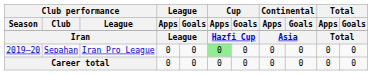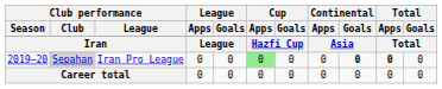 <table class="wikitable" style="text-align:center">
 <tr>
 <th colspan=3>Club performance</th>
 <th colspan=2>League</th>
 <th colspan=2>Cup</th>
 <th colspan=2>Continental</th>
 <th colspan=2>Total</th>
 </tr>
 <tr>
 <th>Season</th>
 <th>Club</th>
 <th>League</th>
 <th>Apps</th>
 <th>Goals</th>
 <th>Apps</th>
 <th>Goals</th>
 <th>Apps</th>
 <th>Goals</th>
 <th>Apps</th>
 <th>Goals</th>
 </tr>
 <tr>
 </tr>
 <tr>
 <th colspan=3>Iran</th>
 <th colspan=2>League</th>
 <th colspan=2><a href='#'>Hazfi Cup</a></th>
 <th colspan=2><a href='#'>Asia</a></th>
 <th colspan=2>Total</th>
 </tr>
 <tr>
 <td><a href='#'>2019–20</a></td>
-<td rowspan="1"><a href='#'>Sepahan</a></td>
+<td rowspan="1" style="background: lightgrey;"><a href='#'>Sepahan</a></td>
 <td rowspan="1"><a href='#'>Iran Pro League</a></td>
 <td>0</td>
 <td>0</td>
 <td style="background: lightgreen;">0</td>
 <td>0</td>
 <td>0</td>
-<td>0</td>
-<td>0</td>
+<td><strong>0</strong></td>
+<td><strong>0</strong></td>
 <td>0</td>
 </tr>
 <tr>
 <th colspan=3>Career total</th>
 <td>0</td>
 <td>0</td>
 <td>0</td>
 <td>0</td>
 <td>0</td>
 <td>0</td>
 <td>0</td>
 <td>0</td>
 </tr>
 </table>
